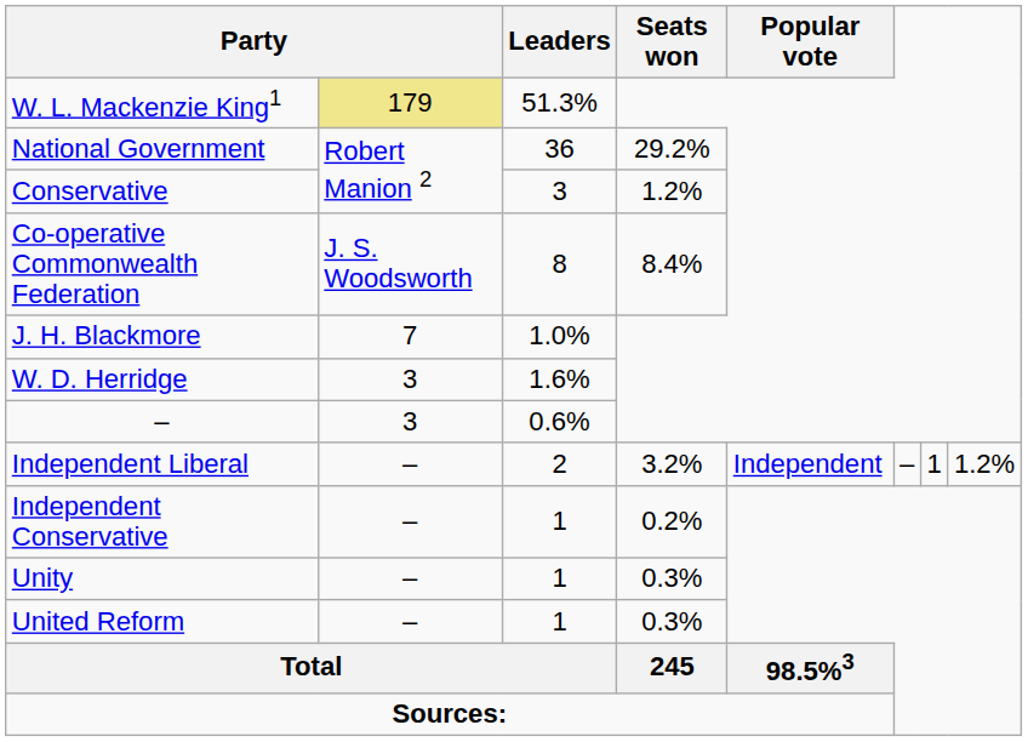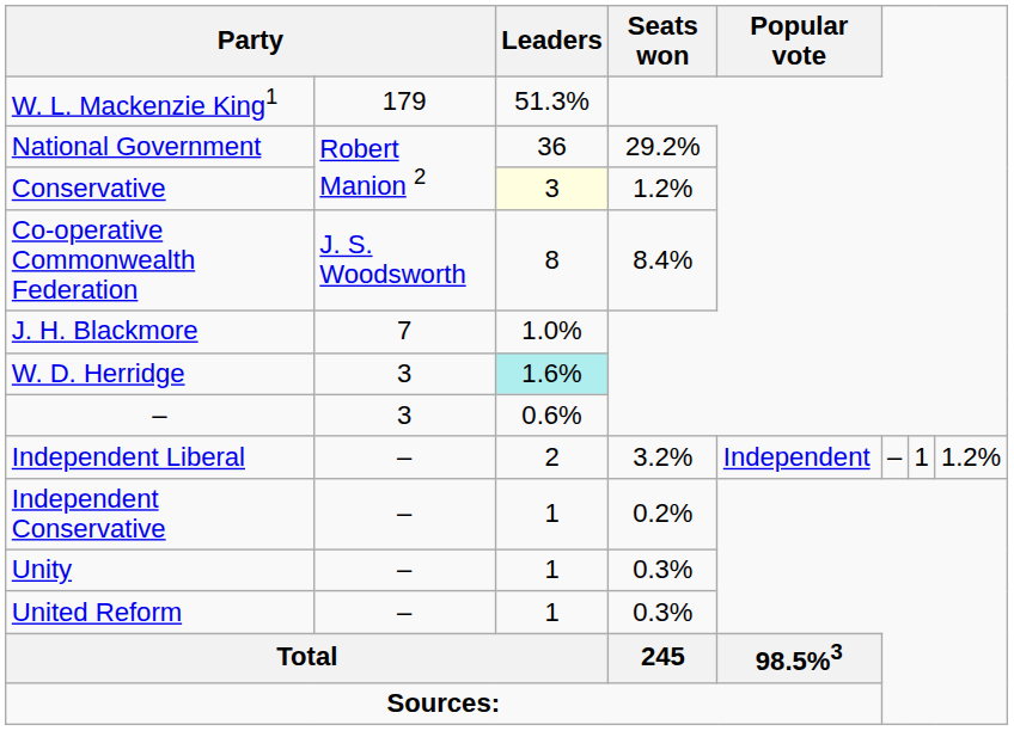 <table class="wikitable">
 <tr>
 <th colspan="2">Party</th>
 <th>Leaders</th>
 <th>Seats won</th>
 <th>Popular vote</th>
 </tr>
 <tr>
 <td><a href='#'>W. L. Mackenzie King</a><sup>1</sup></td>
-<td align=center style="background: khaki;">179</td>
+<td align=center>179</td>
 <td align=center>51.3%</td>
 </tr>
 <tr>
 <td><a href='#'>National Government</a></td>
 <td rowspan=2><a href='#'>Robert Manion</a> <sup>2</sup></td>
 <td align=center>36</td>
 <td align=center>29.2%</td>
 </tr>
 <tr>
 <td><a href='#'>Conservative</a></td>
-<td align=center>3</td>
+<td align=center style="background: lightyellow;">3</td>
 <td align=center>1.2%</td>
 </tr>
 <tr>
 <td><a href='#'>Co-operative Commonwealth Federation</a></td>
 <td><a href='#'>J. S. Woodsworth</a></td>
 <td align=center>8</td>
 <td align=center>8.4%</td>
 </tr>
 <tr>
 <td><a href='#'>J. H. Blackmore</a></td>
 <td align=center>7</td>
 <td align=center>1.0%</td>
 </tr>
 <tr>
 <td><a href='#'>W. D. Herridge</a></td>
 <td align=center>3</td>
-<td align=center>1.6%</td>
+<td align=center style="background: paleturquoise;">1.6%</td>
 </tr>
 <tr>
 <td align=center>–</td>
 <td align=center>3</td>
 <td align=center>0.6%</td>
 </tr>
 <tr>
 <td><a href='#'>Independent Liberal</a></td>
 <td align=center>–</td>
 <td align=center>2</td>
 <td align=center>3.2%<br></td>
 <td><a href='#'>Independent</a></td>
 <td align=center>–</td>
 <td align=center>1</td>
 <td align=center>1.2%</td>
 </tr>
 <tr>
 <td><a href='#'>Independent Conservative</a></td>
 <td align=center>–</td>
 <td align=center>1</td>
 <td align=center>0.2%</td>
 </tr>
 <tr>
 <td><a href='#'>Unity</a></td>
 <td align=center>–</td>
 <td align=center>1</td>
 <td align=center>0.3%</td>
 </tr>
 <tr>
 <td><a href='#'>United Reform</a></td>
 <td align=center>–</td>
 <td align=center>1</td>
 <td align=center>0.3%</td>
 </tr>
 <tr>
 <th colspan=3 align=left>Total</th>
 <th align=center>245</th>
 <th align=center>98.5%<sup>3</sup></th>
 </tr>
 <tr>
 <td align="center" colspan=5><strong>Sources:</strong> </td>
 </tr>
 </table>
